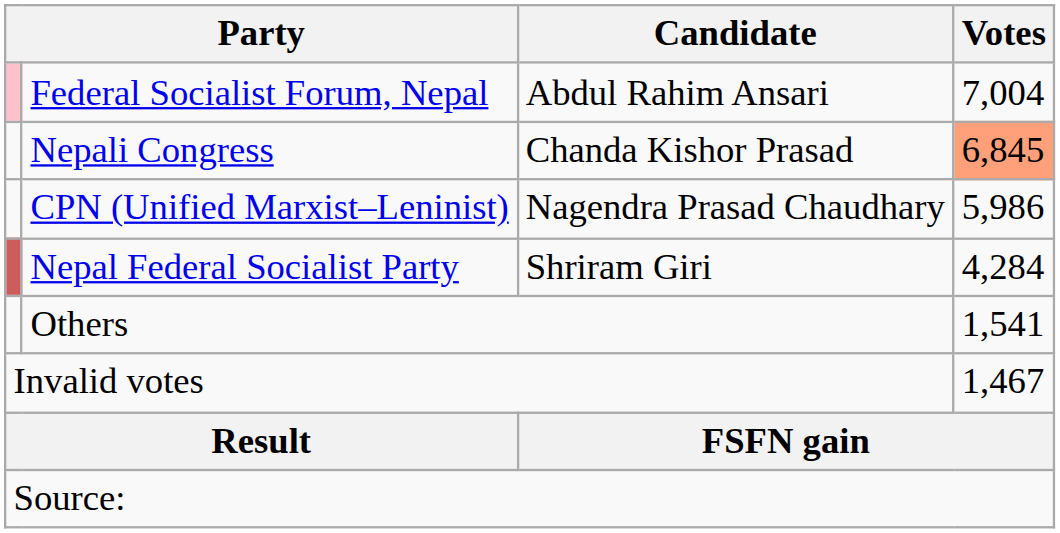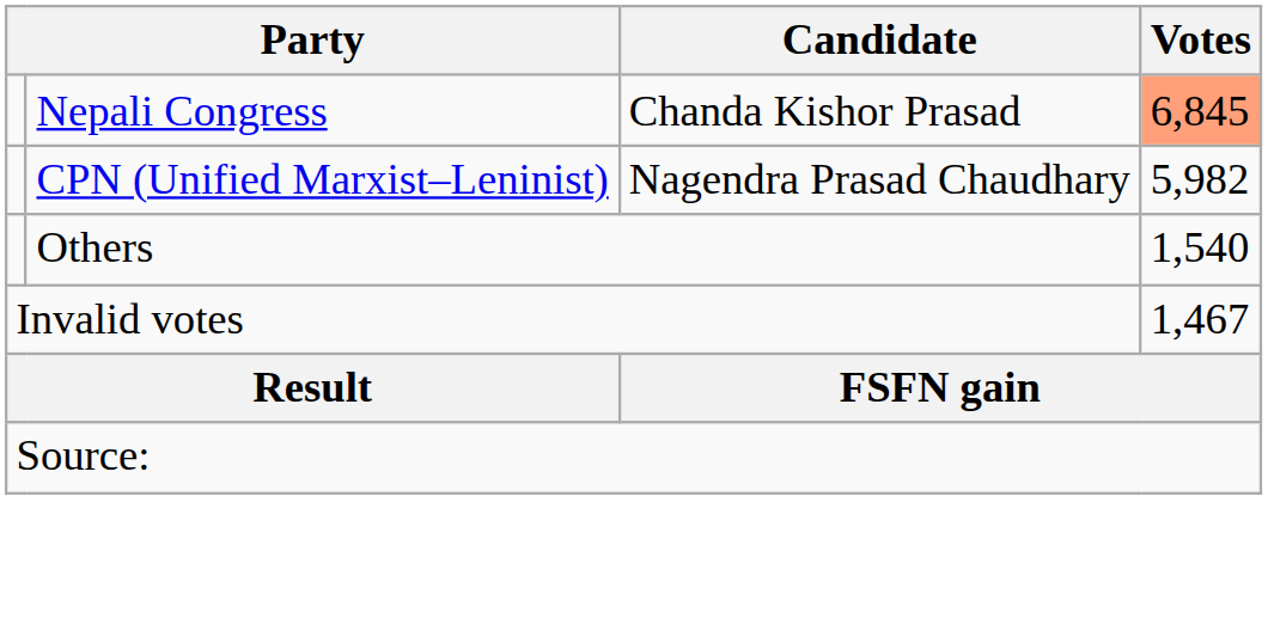 <table class="wikitable">
 <tr>
 <th colspan="2">Party</th>
 <th>Candidate</th>
 <th>Votes</th>
-</tr>
-<tr>
-<td style="background-color:#ffc0cb"></td>
-<td><a href='#'>Federal Socialist Forum, Nepal</a></td>
-<td>Abdul Rahim Ansari</td>
-<td>7,004</td>
 </tr>
 <tr>
 <td style="background-color:"></td>
 <td><a href='#'>Nepali Congress</a></td>
 <td>Chanda Kishor Prasad</td>
 <td style="background: lightsalmon;">6,845</td>
 </tr>
 <tr>
 <td style="background-color:"></td>
 <td><a href='#'>CPN (Unified Marxist–Leninist)</a></td>
 <td>Nagendra Prasad Chaudhary</td>
-<td>5,986</td>
-</tr>
-<tr>
-<td style="background-color:#CD5C5C"></td>
-<td><a href='#'>Nepal Federal Socialist Party</a></td>
-<td>Shriram Giri</td>
-<td>4,284</td>
+<td>5,982</td>
 </tr>
 <tr>
 <td></td>
 <td colspan="2">Others</td>
-<td>1,541</td>
+<td>1,540</td>
 </tr>
 <tr>
 <td colspan="3">Invalid votes</td>
 <td>1,467</td>
 </tr>
 <tr>
 <th colspan="2">Result</th>
 <th colspan="2">FSFN gain</th>
 </tr>
 <tr>
 <td colspan="4">Source: </td>
 </tr>
 </table>
